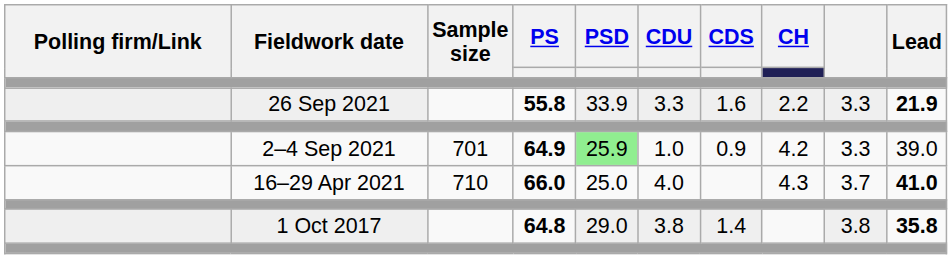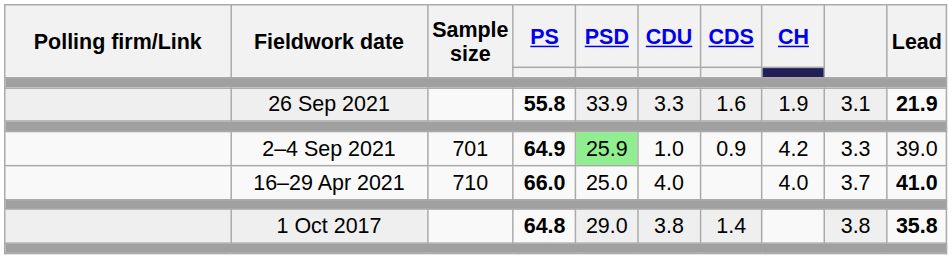 <table class="wikitable sortable mw-datatable" style="text-align:center;font-size:90%;line-height:16px;">
 <tr style="height:42px;">
 <th style="width:145px;" rowspan="2">Polling firm/Link</th>
 <th style="width:125px;" rowspan="2">Fieldwork date</th>
 <th class="unsortable" style="width:50px;" rowspan="2">Sample size</th>
 <th class="unsortable" style="width:35px;"><a href='#'>PS</a></th>
 <th class="unsortable" style="width:35px;"><a href='#'>PSD</a></th>
 <th class="unsortable" style="width:35px;"><a href='#'>CDU</a></th>
 <th class="unsortable" style="width:35px;"><a href='#'>CDS</a></th>
 <th class="unsortable" style="width:35px;"><a href='#'>CH</a></th>
 <th class="unsortable" style="width:35px;" rowspan="2"></th>
 <th class="unsortable" style="width:30px;" rowspan="2">Lead</th>
 </tr>
 <tr>
 <th class="unsortable" style="color:inherit;background:"></th>
 <th class="unsortable" style="color:inherit;background:"></th>
 <th class="unsortable" style="color:inherit;background:"></th>
 <th class="unsortable" style="color:inherit;background:"></th>
 <th class="sortable" style="background:#202056;"></th>
 </tr>
 <tr>
 <td colspan="10" style="background:#A0A0A0"></td>
 </tr>
 <tr>
 <td style="background:#EFEFEF;"><strong></strong></td>
 <td style="background:#EFEFEF;" data-sort-value="2019-10-06">26 Sep 2021</td>
 <td></td>
 <td><strong>55.8</strong><br></td>
 <td style="background:#EFEFEF;">33.9<br></td>
 <td style="background:#EFEFEF;">3.3<br></td>
 <td style="background:#EFEFEF;">1.6<br></td>
-<td style="background:#EFEFEF;">2.2<br></td>
-<td style="background:#EFEFEF;">3.3</td>
+<td style="background:#EFEFEF;">1.9<br></td>
+<td style="background:#EFEFEF;">3.1</td>
 <td style="background:"><strong>21.9</strong></td>
 </tr>
 <tr>
 <td colspan="10" style="background:#A0A0A0"></td>
 </tr>
 <tr>
 <td align="center"><br></td>
 <td align="center">2–4 Sep 2021</td>
 <td align="center">701</td>
 <td align="center" ><strong>64.9</strong><br></td>
 <td align="center" style="background: lightgreen;">25.9<br></td>
 <td align="center">1.0<br></td>
 <td align="center">0.9<br></td>
 <td align="center">4.2<br></td>
 <td align="center">3.3<br></td>
 <td style="background:">39.0</td>
 </tr>
 <tr>
 <td align="center"></td>
 <td align="center">16–29 Apr 2021</td>
 <td align="center">710</td>
 <td align="center" ><strong>66.0</strong></td>
 <td align="center">25.0</td>
 <td align="center">4.0</td>
 <td></td>
-<td align="center">4.3</td>
+<td align="center">4.0</td>
 <td align="center">3.7</td>
 <td style="background:"><strong>41.0</strong></td>
 </tr>
 <tr>
 <td colspan="10" style="background:#A0A0A0"></td>
 </tr>
 <tr>
 <td style="background:#EFEFEF;"><strong></strong></td>
 <td style="background:#EFEFEF;" data-sort-value="2019-10-06">1 Oct 2017</td>
 <td></td>
 <td><strong>64.8</strong><br></td>
 <td style="background:#EFEFEF;">29.0<br></td>
 <td style="background:#EFEFEF;">3.8<br></td>
 <td style="background:#EFEFEF;">1.4<br></td>
 <td></td>
 <td style="background:#EFEFEF;">3.8<br></td>
 <td style="background:"><strong>35.8</strong></td>
 </tr>
 <tr>
 <td colspan="10" style="background:#A0A0A0"></td>
 </tr>
 </table>
